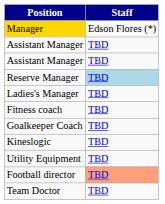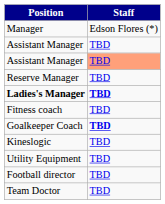 <table class="wikitable">
 <tr>
 <th style="color:White; background:#00008B;">Position</th>
 <th style="color:White; background:#00008B;">Staff</th>
 </tr>
 <tr>
-<td style="background: gold;">Manager</td>
+<td>Manager</td>
 <td> Edson Flores (*)</td>
 </tr>
 <tr>
 <td>Assistant Manager</td>
 <td> <a href='#'>TBD</a></td>
 </tr>
 <tr>
 <td>Assistant Manager</td>
+<td style="background: lightsalmon;"> <a href='#'>TBD</a></td>
+</tr>
+<tr>
+<td>Reserve Manager</td>
 <td> <a href='#'>TBD</a></td>
 </tr>
 <tr>
-<td>Reserve Manager</td>
-<td style="background: lightblue;"> <a href='#'>TBD</a></td>
-</tr>
-<tr>
-<td>Ladies's Manager</td>
-<td> <a href='#'>TBD</a></td>
+<td><strong>Ladies's Manager</strong></td>
+<td><strong> <a href='#'>TBD</a></strong></td>
 </tr>
 <tr>
 <td>Fitness coach</td>
 <td> <a href='#'>TBD</a></td>
 </tr>
 <tr>
 <td>Goalkeeper Coach</td>
-<td> <a href='#'>TBD</a></td>
+<td><strong> <a href='#'>TBD</a></strong></td>
 </tr>
 <tr>
 <td>Kineslogic</td>
 <td> <a href='#'>TBD</a></td>
 </tr>
 <tr>
 <td>Utility Equipment</td>
 <td> <a href='#'>TBD</a></td>
 </tr>
 <tr>
 <td>Football director</td>
-<td style="background: lightsalmon;"> <a href='#'>TBD</a></td>
+<td> <a href='#'>TBD</a></td>
 </tr>
 <tr>
 <td>Team Doctor</td>
 <td> <a href='#'>TBD</a></td>
 </tr>
 </table>
